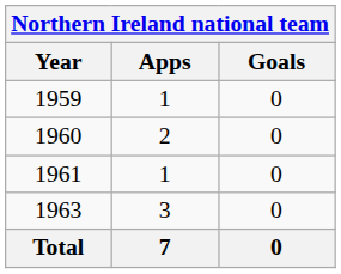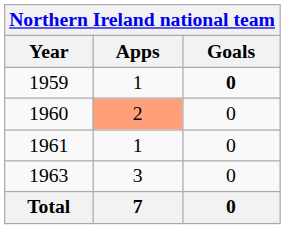 <table class="wikitable" style="text-align:center">
 <tr>
 <th colspan=3><a href='#'>Northern Ireland national team</a></th>
 </tr>
 <tr>
 <th>Year</th>
 <th>Apps</th>
 <th>Goals</th>
 </tr>
 <tr>
 <td>1959</td>
 <td>1</td>
-<td>0</td>
+<td><strong>0</strong></td>
 </tr>
 <tr>
 <td>1960</td>
-<td>2</td>
+<td style="background: lightsalmon;">2</td>
 <td>0</td>
 </tr>
 <tr>
 <td>1961</td>
 <td>1</td>
 <td>0</td>
 </tr>
 <tr>
 <td>1963</td>
 <td>3</td>
 <td>0</td>
 </tr>
 <tr>
 <th>Total</th>
 <th>7</th>
 <th>0</th>
 </tr>
 </table>
